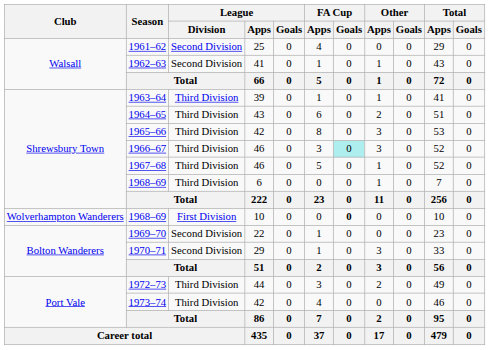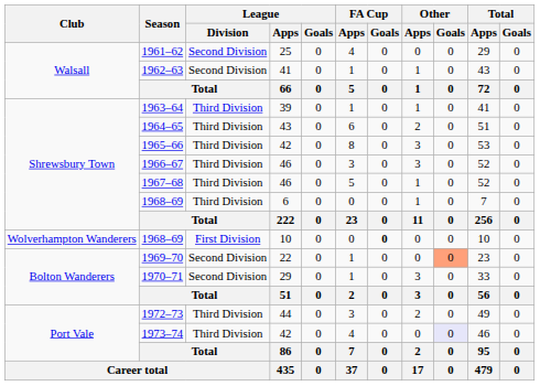 <table class="wikitable" style="text-align:center">
 <tr>
 <th rowspan="2">Club</th>
 <th rowspan="2">Season</th>
 <th colspan="3">League</th>
 <th colspan="2">FA Cup</th>
 <th colspan="2">Other</th>
 <th colspan="2">Total</th>
 </tr>
 <tr>
 <th>Division</th>
 <th>Apps</th>
 <th>Goals</th>
 <th>Apps</th>
 <th>Goals</th>
 <th>Apps</th>
 <th>Goals</th>
 <th>Apps</th>
 <th>Goals</th>
 </tr>
 <tr>
 <td rowspan="3"><a href='#'>Walsall</a></td>
 <td><a href='#'>1961–62</a></td>
 <td><a href='#'>Second Division</a></td>
 <td>25</td>
 <td>0</td>
 <td>4</td>
 <td>0</td>
 <td>0</td>
 <td>0</td>
 <td>29</td>
 <td>0</td>
 </tr>
 <tr>
 <td><a href='#'>1962–63</a></td>
 <td>Second Division</td>
 <td>41</td>
 <td>0</td>
 <td>1</td>
 <td>0</td>
 <td>1</td>
 <td>0</td>
 <td>43</td>
 <td>0</td>
 </tr>
 <tr>
 <th colspan="2">Total</th>
 <th>66</th>
 <th>0</th>
 <th>5</th>
 <th>0</th>
 <th>1</th>
 <th>0</th>
 <th>72</th>
 <th>0</th>
 </tr>
 <tr>
 <td rowspan="7"><a href='#'>Shrewsbury Town</a></td>
 <td><a href='#'>1963–64</a></td>
 <td><a href='#'>Third Division</a></td>
 <td>39</td>
 <td>0</td>
 <td>1</td>
 <td>0</td>
 <td>1</td>
 <td>0</td>
 <td>41</td>
 <td>0</td>
 </tr>
 <tr>
 <td><a href='#'>1964–65</a></td>
 <td>Third Division</td>
 <td>43</td>
 <td>0</td>
 <td>6</td>
 <td>0</td>
 <td>2</td>
 <td>0</td>
 <td>51</td>
 <td>0</td>
 </tr>
 <tr>
 <td><a href='#'>1965–66</a></td>
 <td>Third Division</td>
 <td>42</td>
 <td>0</td>
 <td>8</td>
 <td>0</td>
 <td>3</td>
 <td>0</td>
 <td>53</td>
 <td>0</td>
 </tr>
 <tr>
 <td><a href='#'>1966–67</a></td>
 <td>Third Division</td>
 <td>46</td>
 <td>0</td>
 <td>3</td>
-<td style="background: paleturquoise;">0</td>
+<td>0</td>
 <td>3</td>
 <td>0</td>
 <td>52</td>
 <td>0</td>
 </tr>
 <tr>
 <td><a href='#'>1967–68</a></td>
 <td>Third Division</td>
 <td>46</td>
 <td>0</td>
 <td>5</td>
 <td>0</td>
 <td>1</td>
 <td>0</td>
 <td>52</td>
 <td>0</td>
 </tr>
 <tr>
 <td><a href='#'>1968–69</a></td>
 <td>Third Division</td>
 <td>6</td>
 <td>0</td>
 <td>0</td>
 <td>0</td>
 <td>1</td>
 <td>0</td>
 <td>7</td>
 <td>0</td>
 </tr>
 <tr>
 <th colspan="2">Total</th>
 <th>222</th>
 <th>0</th>
 <th>23</th>
 <th>0</th>
 <th>11</th>
 <th>0</th>
 <th>256</th>
 <th>0</th>
 </tr>
 <tr>
 <td><a href='#'>Wolverhampton Wanderers</a></td>
 <td><a href='#'>1968–69</a></td>
 <td><a href='#'>First Division</a></td>
 <td>10</td>
 <td>0</td>
 <td>0</td>
 <td><strong>0</strong></td>
 <td>0</td>
 <td>0</td>
 <td>10</td>
 <td>0</td>
 </tr>
 <tr>
 <td rowspan="3"><a href='#'>Bolton Wanderers</a></td>
 <td><a href='#'>1969–70</a></td>
 <td>Second Division</td>
 <td>22</td>
 <td>0</td>
 <td>1</td>
 <td>0</td>
 <td>0</td>
-<td>0</td>
+<td style="background: lightsalmon;">0</td>
 <td>23</td>
 <td>0</td>
 </tr>
 <tr>
 <td><a href='#'>1970–71</a></td>
 <td>Second Division</td>
 <td>29</td>
 <td>0</td>
 <td>1</td>
 <td>0</td>
 <td>3</td>
 <td>0</td>
 <td>33</td>
 <td>0</td>
 </tr>
 <tr>
 <th colspan="2">Total</th>
 <th>51</th>
 <th>0</th>
 <th>2</th>
 <th>0</th>
 <th>3</th>
 <th>0</th>
 <th>56</th>
 <th>0</th>
 </tr>
 <tr>
 <td rowspan="3"><a href='#'>Port Vale</a></td>
 <td><a href='#'>1972–73</a></td>
 <td>Third Division</td>
 <td>44</td>
 <td>0</td>
 <td>3</td>
 <td>0</td>
 <td>2</td>
 <td>0</td>
 <td>49</td>
 <td>0</td>
 </tr>
 <tr>
 <td><a href='#'>1973–74</a></td>
 <td>Third Division</td>
 <td>42</td>
 <td>0</td>
 <td>4</td>
 <td>0</td>
 <td>0</td>
-<td>0</td>
+<td style="background: lavender;">0</td>
 <td>46</td>
 <td>0</td>
 </tr>
 <tr>
 <th colspan="2">Total</th>
 <th>86</th>
 <th>0</th>
 <th>7</th>
 <th>0</th>
 <th>2</th>
 <th>0</th>
 <th>95</th>
 <th>0</th>
 </tr>
 <tr>
 <th colspan="3">Career total</th>
 <th>435</th>
 <th>0</th>
 <th>37</th>
 <th>0</th>
 <th>17</th>
 <th>0</th>
 <th>479</th>
 <th>0</th>
 </tr>
 </table>
